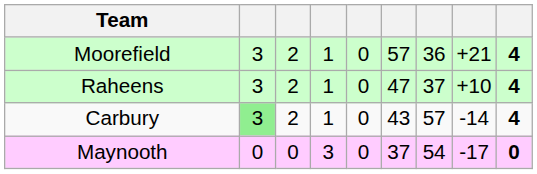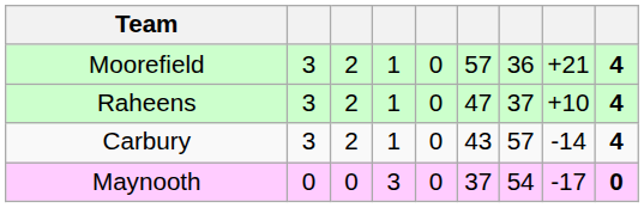 <table class="wikitable" style="text-align:center">
 <tr>
 <th style="width:175px;">Team</th>
 <th width="20"></th>
 <th width="20"></th>
 <th width="20"></th>
 <th width="20"></th>
 <th width="20"></th>
 <th width="20"></th>
 <th width="20"></th>
 <th width="20"></th>
 </tr>
 <tr style="background:#cfc;">
 <td>Moorefield</td>
 <td>3</td>
 <td>2</td>
 <td>1</td>
 <td>0</td>
 <td>57</td>
 <td>36</td>
 <td>+21</td>
 <td><strong>4</strong></td>
 </tr>
 <tr style="background:#cfc;">
 <td>Raheens</td>
 <td>3</td>
 <td>2</td>
 <td>1</td>
 <td>0</td>
 <td>47</td>
 <td>37</td>
 <td>+10</td>
 <td><strong>4</strong></td>
 </tr>
 <tr>
 <td>Carbury</td>
-<td style="background: lightgreen;">3</td>
+<td>3</td>
 <td>2</td>
 <td>1</td>
 <td>0</td>
 <td>43</td>
 <td>57</td>
 <td>-14</td>
 <td><strong>4</strong></td>
 </tr>
 <tr style="background:#fcf;">
 <td>Maynooth</td>
 <td>0</td>
 <td>0</td>
 <td>3</td>
 <td>0</td>
 <td>37</td>
 <td>54</td>
 <td>-17</td>
 <td><strong>0</strong></td>
 </tr>
 </table>
